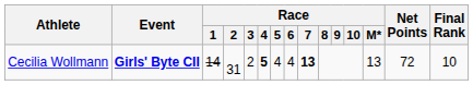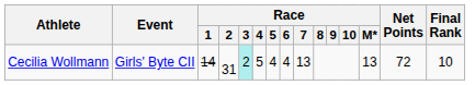 <table class="wikitable" style="font-size:90%">
 <tr>
 <th rowspan="2">Athlete</th>
 <th rowspan="2">Event</th>
 <th colspan=11>Race</th>
 <th rowspan=2>Net<br>Points</th>
 <th rowspan=2>Final <br>Rank</th>
 </tr>
 <tr style="font-size:95%">
 <th>1</th>
 <th>2</th>
 <th>3</th>
 <th>4</th>
 <th>5</th>
 <th>6</th>
 <th>7</th>
 <th>8</th>
 <th>9</th>
 <th>10</th>
 <th>M*</th>
 </tr>
 <tr align=center>
 <td align=left><a href='#'>Cecilia Wollmann</a></td>
-<td align=left><strong><a href='#'>Girls' Byte CII</a></strong></td>
+<td align=left><a href='#'>Girls' Byte CII</a></td>
 <td><s>14</s></td>
 <td><br>31</td>
-<td>2</td>
-<td><strong>5</strong></td>
+<td style="background: paleturquoise;">2</td>
+<td>5</td>
 <td>4</td>
 <td>4</td>
-<td><strong>13</strong></td>
+<td>13</td>
 <td colspan=3></td>
 <td>13</td>
 <td>72</td>
 <td>10</td>
 </tr>
 </table>
